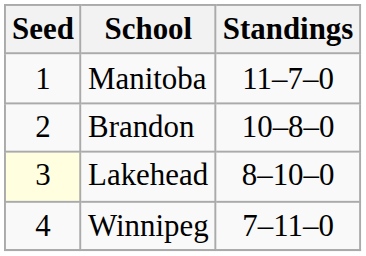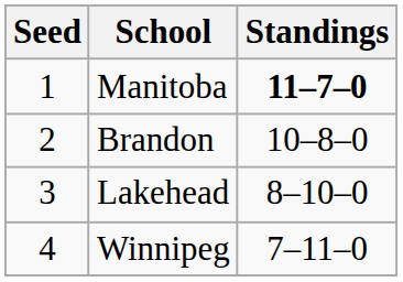 <table class="wikitable">
 <tr>
 <th>Seed</th>
 <th>School</th>
 <th>Standings</th>
 </tr>
 <tr>
 <td style="text-align:center">1</td>
 <td>Manitoba</td>
-<td style="text-align:center">11–7–0</td>
+<td style="text-align:center"><strong>11–7–0</strong></td>
 </tr>
 <tr>
 <td style="text-align:center">2</td>
 <td>Brandon</td>
 <td style="text-align:center">10–8–0</td>
 </tr>
 <tr>
-<td style="background: lightyellow; text-align:center">3</td>
+<td style="text-align:center">3</td>
 <td>Lakehead</td>
 <td style="text-align:center">8–10–0</td>
 </tr>
 <tr>
 <td style="text-align:center">4</td>
 <td>Winnipeg</td>
 <td style="text-align:center">7–11–0</td>
 </tr>
 <tr>
 </tr>
 </table>
